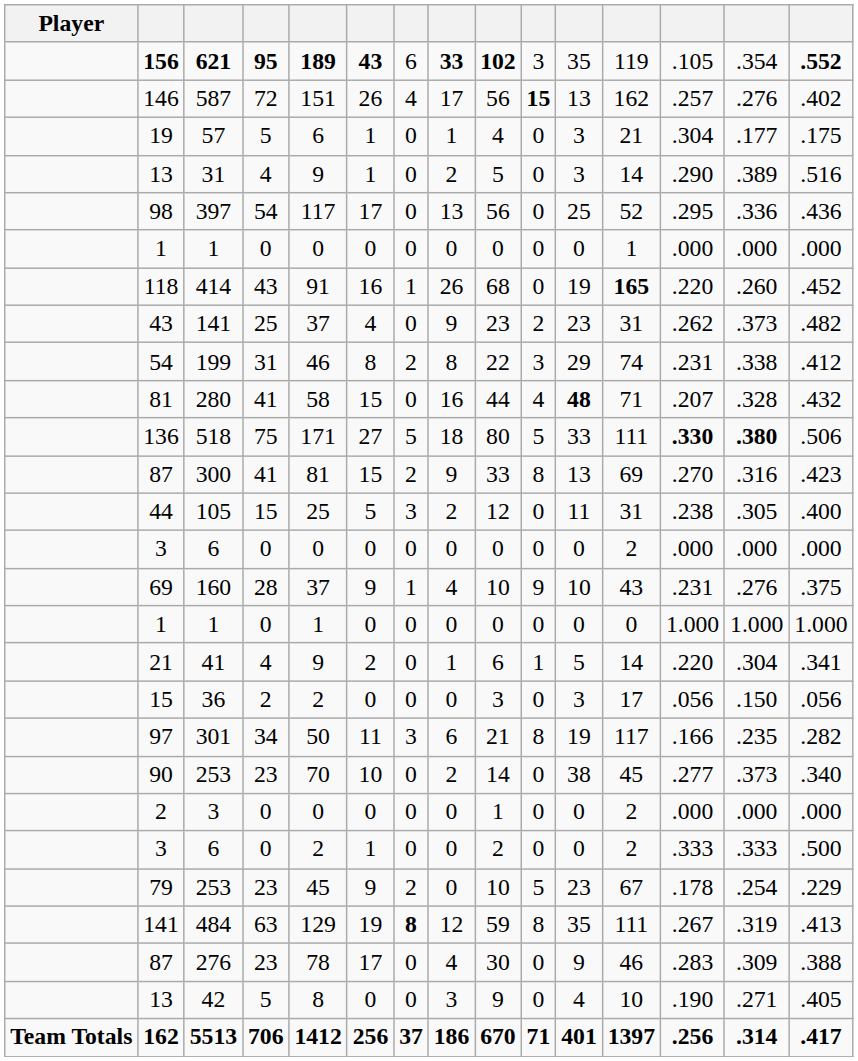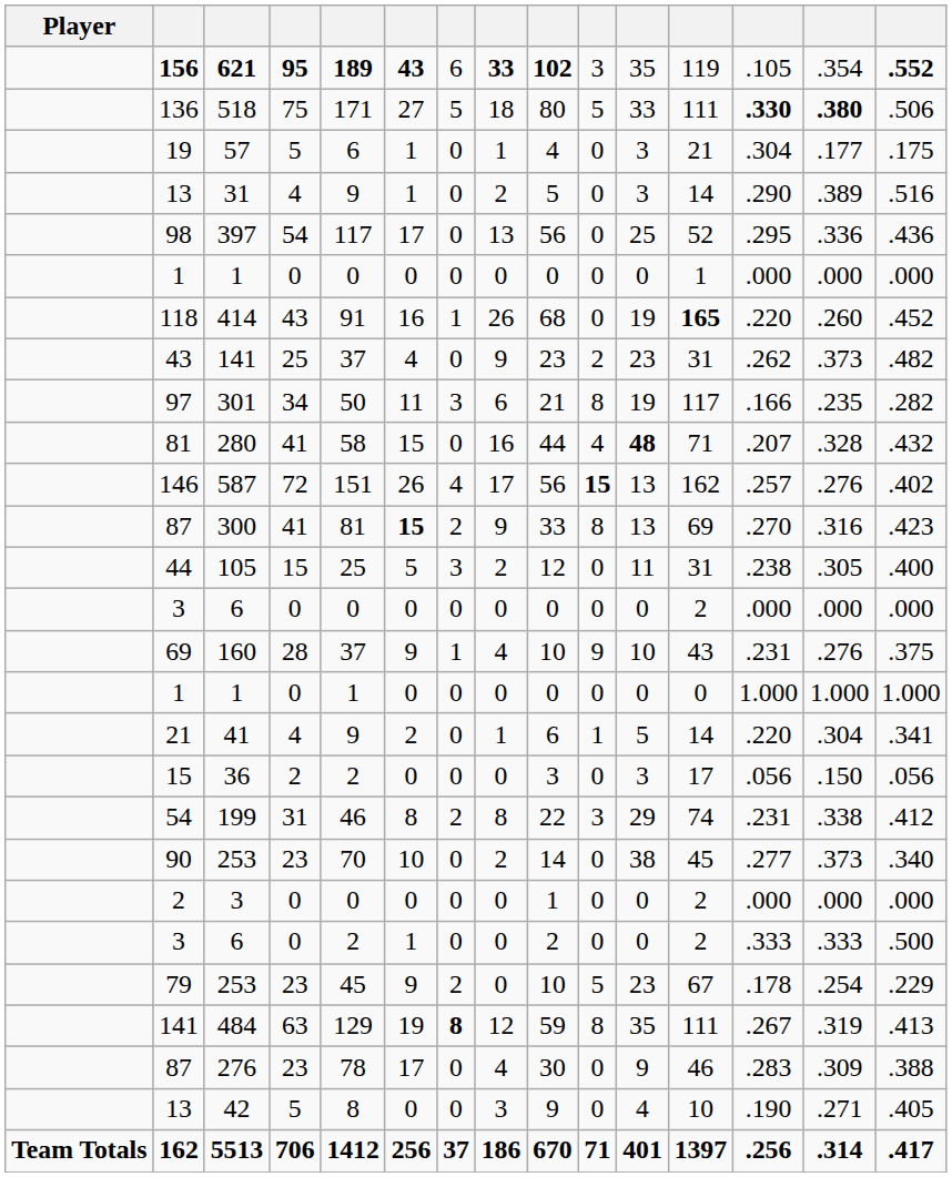 <table class="wikitable sortable" style="text-align:center;">
 <tr>
 <th>Player</th>
 <th></th>
 <th></th>
 <th></th>
 <th></th>
 <th></th>
 <th></th>
 <th></th>
 <th></th>
 <th></th>
 <th></th>
 <th></th>
 <th></th>
 <th></th>
 <th></th>
 </tr>
 <tr>
 <td align=left></td>
 <td><strong>156</strong></td>
 <td><strong>621</strong></td>
 <td><strong>95</strong></td>
 <td><strong>189</strong></td>
 <td><strong>43</strong></td>
 <td>6</td>
 <td><strong>33</strong></td>
 <td><strong>102</strong></td>
 <td>3</td>
 <td>35</td>
 <td>119</td>
 <td>.105</td>
 <td>.354</td>
 <td><strong>.552</strong></td>
 </tr>
 <tr>
 <td align=left></td>
-<td>146</td>
-<td>587</td>
-<td>72</td>
-<td>151</td>
-<td>26</td>
-<td>4</td>
-<td>17</td>
-<td>56</td>
-<td><strong>15</strong></td>
-<td>13</td>
-<td>162</td>
-<td>.257</td>
-<td>.276</td>
-<td>.402</td>
+<td>136</td>
+<td>518</td>
+<td>75</td>
+<td>171</td>
+<td>27</td>
+<td>5</td>
+<td>18</td>
+<td>80</td>
+<td>5</td>
+<td>33</td>
+<td>111</td>
+<td><strong>.330</strong></td>
+<td><strong>.380</strong></td>
+<td>.506</td>
 </tr>
 <tr>
 <td align=left></td>
 <td>19</td>
 <td>57</td>
 <td>5</td>
 <td>6</td>
 <td>1</td>
 <td>0</td>
 <td>1</td>
 <td>4</td>
 <td>0</td>
 <td>3</td>
 <td>21</td>
 <td>.304</td>
 <td>.177</td>
 <td>.175</td>
 </tr>
 <tr>
 <td align=left></td>
 <td>13</td>
 <td>31</td>
 <td>4</td>
 <td>9</td>
 <td>1</td>
 <td>0</td>
 <td>2</td>
 <td>5</td>
 <td>0</td>
 <td>3</td>
 <td>14</td>
 <td>.290</td>
 <td>.389</td>
 <td>.516</td>
 </tr>
 <tr>
 <td align=left></td>
 <td>98</td>
 <td>397</td>
 <td>54</td>
 <td>117</td>
 <td>17</td>
 <td>0</td>
 <td>13</td>
 <td>56</td>
 <td>0</td>
 <td>25</td>
 <td>52</td>
 <td>.295</td>
 <td>.336</td>
 <td>.436</td>
 </tr>
 <tr>
 <td align=left></td>
 <td>1</td>
 <td>1</td>
 <td>0</td>
 <td>0</td>
 <td>0</td>
 <td>0</td>
 <td>0</td>
 <td>0</td>
 <td>0</td>
 <td>0</td>
 <td>1</td>
 <td>.000</td>
 <td>.000</td>
 <td>.000</td>
 </tr>
 <tr>
 <td align=left></td>
 <td>118</td>
 <td>414</td>
 <td>43</td>
 <td>91</td>
 <td>16</td>
 <td>1</td>
 <td>26</td>
 <td>68</td>
 <td>0</td>
 <td>19</td>
 <td><strong>165</strong></td>
 <td>.220</td>
 <td>.260</td>
 <td>.452</td>
 </tr>
 <tr>
 <td align=left></td>
 <td>43</td>
 <td>141</td>
 <td>25</td>
 <td>37</td>
 <td>4</td>
 <td>0</td>
 <td>9</td>
 <td>23</td>
 <td>2</td>
 <td>23</td>
 <td>31</td>
 <td>.262</td>
 <td>.373</td>
 <td>.482</td>
 </tr>
 <tr>
 <td align=left></td>
-<td>54</td>
-<td>199</td>
-<td>31</td>
-<td>46</td>
+<td>97</td>
+<td>301</td>
+<td>34</td>
+<td>50</td>
+<td>11</td>
+<td>3</td>
+<td>6</td>
+<td>21</td>
 <td>8</td>
-<td>2</td>
-<td>8</td>
-<td>22</td>
-<td>3</td>
-<td>29</td>
-<td>74</td>
-<td>.231</td>
-<td>.338</td>
-<td>.412</td>
+<td>19</td>
+<td>117</td>
+<td>.166</td>
+<td>.235</td>
+<td>.282</td>
 </tr>
 <tr>
 <td align=left></td>
 <td>81</td>
 <td>280</td>
 <td>41</td>
 <td>58</td>
 <td>15</td>
 <td>0</td>
 <td>16</td>
 <td>44</td>
 <td>4</td>
 <td><strong>48</strong></td>
 <td>71</td>
 <td>.207</td>
 <td>.328</td>
 <td>.432</td>
 </tr>
 <tr>
 <td align=left></td>
-<td>136</td>
-<td>518</td>
-<td>75</td>
-<td>171</td>
-<td>27</td>
-<td>5</td>
-<td>18</td>
-<td>80</td>
-<td>5</td>
-<td>33</td>
-<td>111</td>
-<td><strong>.330</strong></td>
-<td><strong>.380</strong></td>
-<td>.506</td>
+<td>146</td>
+<td>587</td>
+<td>72</td>
+<td>151</td>
+<td>26</td>
+<td>4</td>
+<td>17</td>
+<td>56</td>
+<td><strong>15</strong></td>
+<td>13</td>
+<td>162</td>
+<td>.257</td>
+<td>.276</td>
+<td>.402</td>
 </tr>
 <tr>
 <td align=left></td>
 <td>87</td>
 <td>300</td>
 <td>41</td>
 <td>81</td>
-<td>15</td>
+<td><strong>15</strong></td>
 <td>2</td>
 <td>9</td>
 <td>33</td>
 <td>8</td>
 <td>13</td>
 <td>69</td>
 <td>.270</td>
 <td>.316</td>
 <td>.423</td>
 </tr>
 <tr>
 <td align=left></td>
 <td>44</td>
 <td>105</td>
 <td>15</td>
 <td>25</td>
 <td>5</td>
 <td>3</td>
 <td>2</td>
 <td>12</td>
 <td>0</td>
 <td>11</td>
 <td>31</td>
 <td>.238</td>
 <td>.305</td>
 <td>.400</td>
 </tr>
 <tr>
 <td align=left></td>
 <td>3</td>
 <td>6</td>
 <td>0</td>
 <td>0</td>
 <td>0</td>
 <td>0</td>
 <td>0</td>
 <td>0</td>
 <td>0</td>
 <td>0</td>
 <td>2</td>
 <td>.000</td>
 <td>.000</td>
 <td>.000</td>
 </tr>
 <tr>
 <td align=left></td>
 <td>69</td>
 <td>160</td>
 <td>28</td>
 <td>37</td>
 <td>9</td>
 <td>1</td>
 <td>4</td>
 <td>10</td>
 <td>9</td>
 <td>10</td>
 <td>43</td>
 <td>.231</td>
 <td>.276</td>
 <td>.375</td>
 </tr>
 <tr>
 <td align=left></td>
 <td>1</td>
 <td>1</td>
 <td>0</td>
 <td>1</td>
 <td>0</td>
 <td>0</td>
 <td>0</td>
 <td>0</td>
 <td>0</td>
 <td>0</td>
 <td>0</td>
 <td>1.000</td>
 <td>1.000</td>
 <td>1.000</td>
 </tr>
 <tr>
 <td align=left></td>
 <td>21</td>
 <td>41</td>
 <td>4</td>
 <td>9</td>
 <td>2</td>
 <td>0</td>
 <td>1</td>
 <td>6</td>
 <td>1</td>
 <td>5</td>
 <td>14</td>
 <td>.220</td>
 <td>.304</td>
 <td>.341</td>
 </tr>
 <tr>
 <td align=left></td>
 <td>15</td>
 <td>36</td>
 <td>2</td>
 <td>2</td>
 <td>0</td>
 <td>0</td>
 <td>0</td>
 <td>3</td>
 <td>0</td>
 <td>3</td>
 <td>17</td>
 <td>.056</td>
 <td>.150</td>
 <td>.056</td>
 </tr>
 <tr>
 <td align=left></td>
-<td>97</td>
-<td>301</td>
-<td>34</td>
-<td>50</td>
-<td>11</td>
+<td>54</td>
+<td>199</td>
+<td>31</td>
+<td>46</td>
+<td>8</td>
+<td>2</td>
+<td>8</td>
+<td>22</td>
 <td>3</td>
-<td>6</td>
-<td>21</td>
-<td>8</td>
-<td>19</td>
-<td>117</td>
-<td>.166</td>
-<td>.235</td>
-<td>.282</td>
+<td>29</td>
+<td>74</td>
+<td>.231</td>
+<td>.338</td>
+<td>.412</td>
 </tr>
 <tr>
 <td align=left></td>
 <td>90</td>
 <td>253</td>
 <td>23</td>
 <td>70</td>
 <td>10</td>
 <td>0</td>
 <td>2</td>
 <td>14</td>
 <td>0</td>
 <td>38</td>
 <td>45</td>
 <td>.277</td>
 <td>.373</td>
 <td>.340</td>
 </tr>
 <tr>
 <td align=left></td>
 <td>2</td>
 <td>3</td>
 <td>0</td>
 <td>0</td>
 <td>0</td>
 <td>0</td>
 <td>0</td>
 <td>1</td>
 <td>0</td>
 <td>0</td>
 <td>2</td>
 <td>.000</td>
 <td>.000</td>
 <td>.000</td>
 </tr>
 <tr>
 <td align=left></td>
 <td>3</td>
 <td>6</td>
 <td>0</td>
 <td>2</td>
 <td>1</td>
 <td>0</td>
 <td>0</td>
 <td>2</td>
 <td>0</td>
 <td>0</td>
 <td>2</td>
 <td>.333</td>
 <td>.333</td>
 <td>.500</td>
 </tr>
 <tr>
 <td align=left></td>
 <td>79</td>
 <td>253</td>
 <td>23</td>
 <td>45</td>
 <td>9</td>
 <td>2</td>
 <td>0</td>
 <td>10</td>
 <td>5</td>
 <td>23</td>
 <td>67</td>
 <td>.178</td>
 <td>.254</td>
 <td>.229</td>
 </tr>
 <tr>
 <td align=left></td>
 <td>141</td>
 <td>484</td>
 <td>63</td>
 <td>129</td>
 <td>19</td>
 <td><strong>8</strong></td>
 <td>12</td>
 <td>59</td>
 <td>8</td>
 <td>35</td>
 <td>111</td>
 <td>.267</td>
 <td>.319</td>
 <td>.413</td>
 </tr>
 <tr>
 <td align=left></td>
 <td>87</td>
 <td>276</td>
 <td>23</td>
 <td>78</td>
 <td>17</td>
 <td>0</td>
 <td>4</td>
 <td>30</td>
 <td>0</td>
 <td>9</td>
 <td>46</td>
 <td>.283</td>
 <td>.309</td>
 <td>.388</td>
 </tr>
 <tr>
 <td align=left></td>
 <td>13</td>
 <td>42</td>
 <td>5</td>
 <td>8</td>
 <td>0</td>
 <td>0</td>
 <td>3</td>
 <td>9</td>
 <td>0</td>
 <td>4</td>
 <td>10</td>
 <td>.190</td>
 <td>.271</td>
 <td>.405</td>
 </tr>
 <tr>
 <td align=left><strong>Team Totals</strong></td>
 <td><strong>162</strong></td>
 <td><strong>5513</strong></td>
 <td><strong>706</strong></td>
 <td><strong>1412</strong></td>
 <td><strong>256</strong></td>
 <td><strong>37</strong></td>
 <td><strong>186</strong></td>
 <td><strong>670</strong></td>
 <td><strong>71</strong></td>
 <td><strong>401</strong></td>
 <td><strong>1397</strong></td>
 <td><strong>.256</strong></td>
 <td><strong>.314</strong></td>
 <td><strong>.417</strong></td>
 </tr>
 <tr class="sortbottom|}">
 </tr>
 </table>
